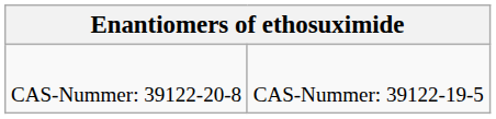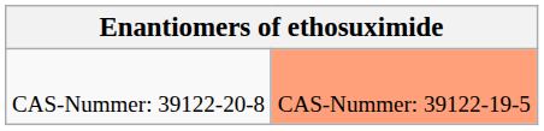 <table class="wikitable" style="text-align:center">
 <tr class="hintergrundfarbe6">
 <th colspan="2">Enantiomers of ethosuximide</th>
 </tr>
 <tr>
 <td><br><small> CAS-Nummer: 39122-20-8</small></td>
-<td><br><small> CAS-Nummer: 39122-19-5</small></td>
+<td style="background: lightsalmon;"><br><small> CAS-Nummer: 39122-19-5</small></td>
 </tr>
 </table>
